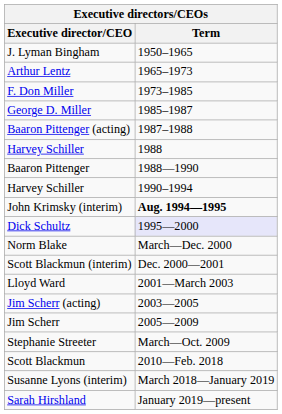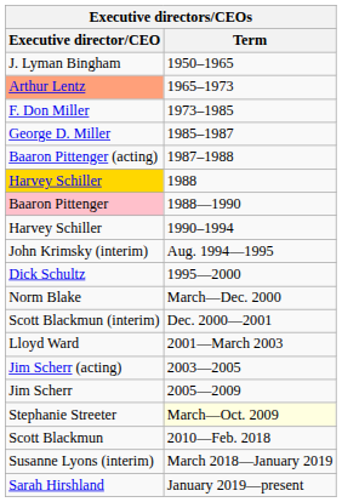 <table class="wikitable collapsible collapsed">
 <tr>
 <th colspan="3">Executive directors/CEOs</th>
 </tr>
 <tr>
 <th>Executive director/CEO</th>
 <th>Term</th>
 </tr>
 <tr>
 <td>J. Lyman Bingham</td>
 <td>1950–1965</td>
 </tr>
 <tr>
-<td><a href='#'>Arthur Lentz</a></td>
+<td style="background: lightsalmon;"><a href='#'>Arthur Lentz</a></td>
 <td>1965–1973</td>
 </tr>
 <tr>
 <td><a href='#'>F. Don Miller</a></td>
 <td>1973–1985</td>
 </tr>
 <tr>
 <td><a href='#'>George D. Miller</a></td>
 <td>1985–1987</td>
 </tr>
 <tr>
 <td><a href='#'>Baaron Pittenger</a> (acting)</td>
 <td>1987–1988</td>
 </tr>
 <tr>
-<td><a href='#'>Harvey Schiller</a></td>
+<td style="background: gold;"><a href='#'>Harvey Schiller</a></td>
 <td>1988</td>
 </tr>
 <tr>
-<td>Baaron Pittenger</td>
+<td style="background: pink;">Baaron Pittenger</td>
 <td>1988—1990</td>
 </tr>
 <tr>
 <td>Harvey Schiller</td>
 <td>1990–1994</td>
 </tr>
 <tr>
 <td>John Krimsky (interim)</td>
-<td><strong>Aug. 1994—1995</strong></td>
+<td>Aug. 1994—1995</td>
 </tr>
 <tr>
 <td><a href='#'>Dick Schultz</a></td>
-<td style="background: lavender;">1995—2000</td>
+<td>1995—2000</td>
 </tr>
 <tr>
 <td>Norm Blake</td>
 <td>March—Dec. 2000</td>
 </tr>
 <tr>
 <td>Scott Blackmun (interim)</td>
 <td>Dec. 2000—2001</td>
 </tr>
 <tr>
 <td>Lloyd Ward</td>
 <td>2001—March 2003</td>
 </tr>
 <tr>
 <td><a href='#'>Jim Scherr</a> (acting)</td>
 <td>2003—2005</td>
 </tr>
 <tr>
 <td>Jim Scherr</td>
 <td>2005—2009</td>
 </tr>
 <tr>
 <td>Stephanie Streeter</td>
-<td>March—Oct. 2009</td>
+<td style="background: lightyellow;">March—Oct. 2009</td>
 </tr>
 <tr>
 <td>Scott Blackmun</td>
 <td>2010—Feb. 2018</td>
 </tr>
 <tr>
 <td>Susanne Lyons (interim)</td>
 <td>March 2018—January 2019</td>
 </tr>
 <tr>
 <td><a href='#'>Sarah Hirshland</a></td>
 <td>January 2019—present</td>
 </tr>
 </table>
